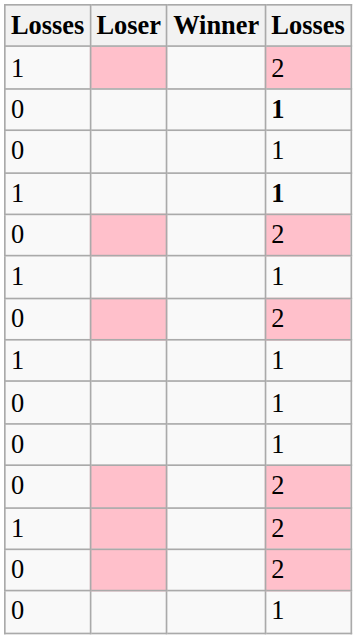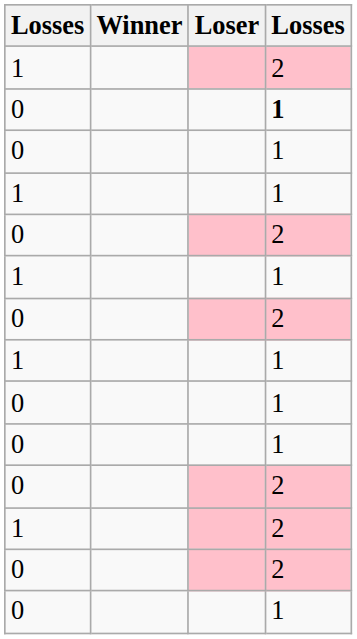 <table class=wikitable>
 <tr>
 <th>Losses</th>
+<th>Winner</th>
 <th>Loser</th>
-<th>Winner</th>
 <th>Losses</th>
 </tr>
 <tr>
 <td>1</td>
+<td></td>
 <td bgcolor=pink></td>
-<td></td>
 <td bgcolor=pink>2</td>
 </tr>
 <tr>
 <td>0</td>
 <td></td>
 <td></td>
 <td><strong>1</strong></td>
 </tr>
 <tr>
 <td>0</td>
 <td></td>
 <td></td>
 <td>1</td>
 </tr>
 <tr>
 <td>1</td>
 <td></td>
 <td></td>
-<td><strong>1</strong></td>
+<td>1</td>
 </tr>
 <tr>
 <td>0</td>
+<td></td>
 <td bgcolor=pink></td>
-<td></td>
 <td bgcolor=pink>2</td>
 </tr>
 <tr>
 <td>1</td>
 <td></td>
 <td></td>
 <td>1</td>
 </tr>
 <tr>
 <td>0</td>
+<td></td>
 <td bgcolor=pink></td>
-<td></td>
 <td bgcolor=pink>2</td>
 </tr>
 <tr>
 <td>1</td>
 <td></td>
 <td></td>
 <td>1</td>
 </tr>
 <tr>
 <td>0</td>
 <td></td>
 <td></td>
 <td>1</td>
 </tr>
 <tr>
 <td>0</td>
 <td></td>
 <td></td>
 <td>1</td>
 </tr>
 <tr>
 <td>0</td>
+<td></td>
 <td bgcolor=pink></td>
-<td></td>
 <td bgcolor=pink>2</td>
 </tr>
 <tr>
 <td>1</td>
+<td></td>
 <td bgcolor=pink></td>
-<td></td>
 <td bgcolor=pink>2</td>
 </tr>
 <tr>
 <td>0</td>
+<td></td>
 <td bgcolor=pink></td>
-<td></td>
 <td bgcolor=pink>2</td>
 </tr>
 <tr>
 <td>0</td>
 <td></td>
 <td></td>
 <td>1</td>
 </tr>
 </table>
